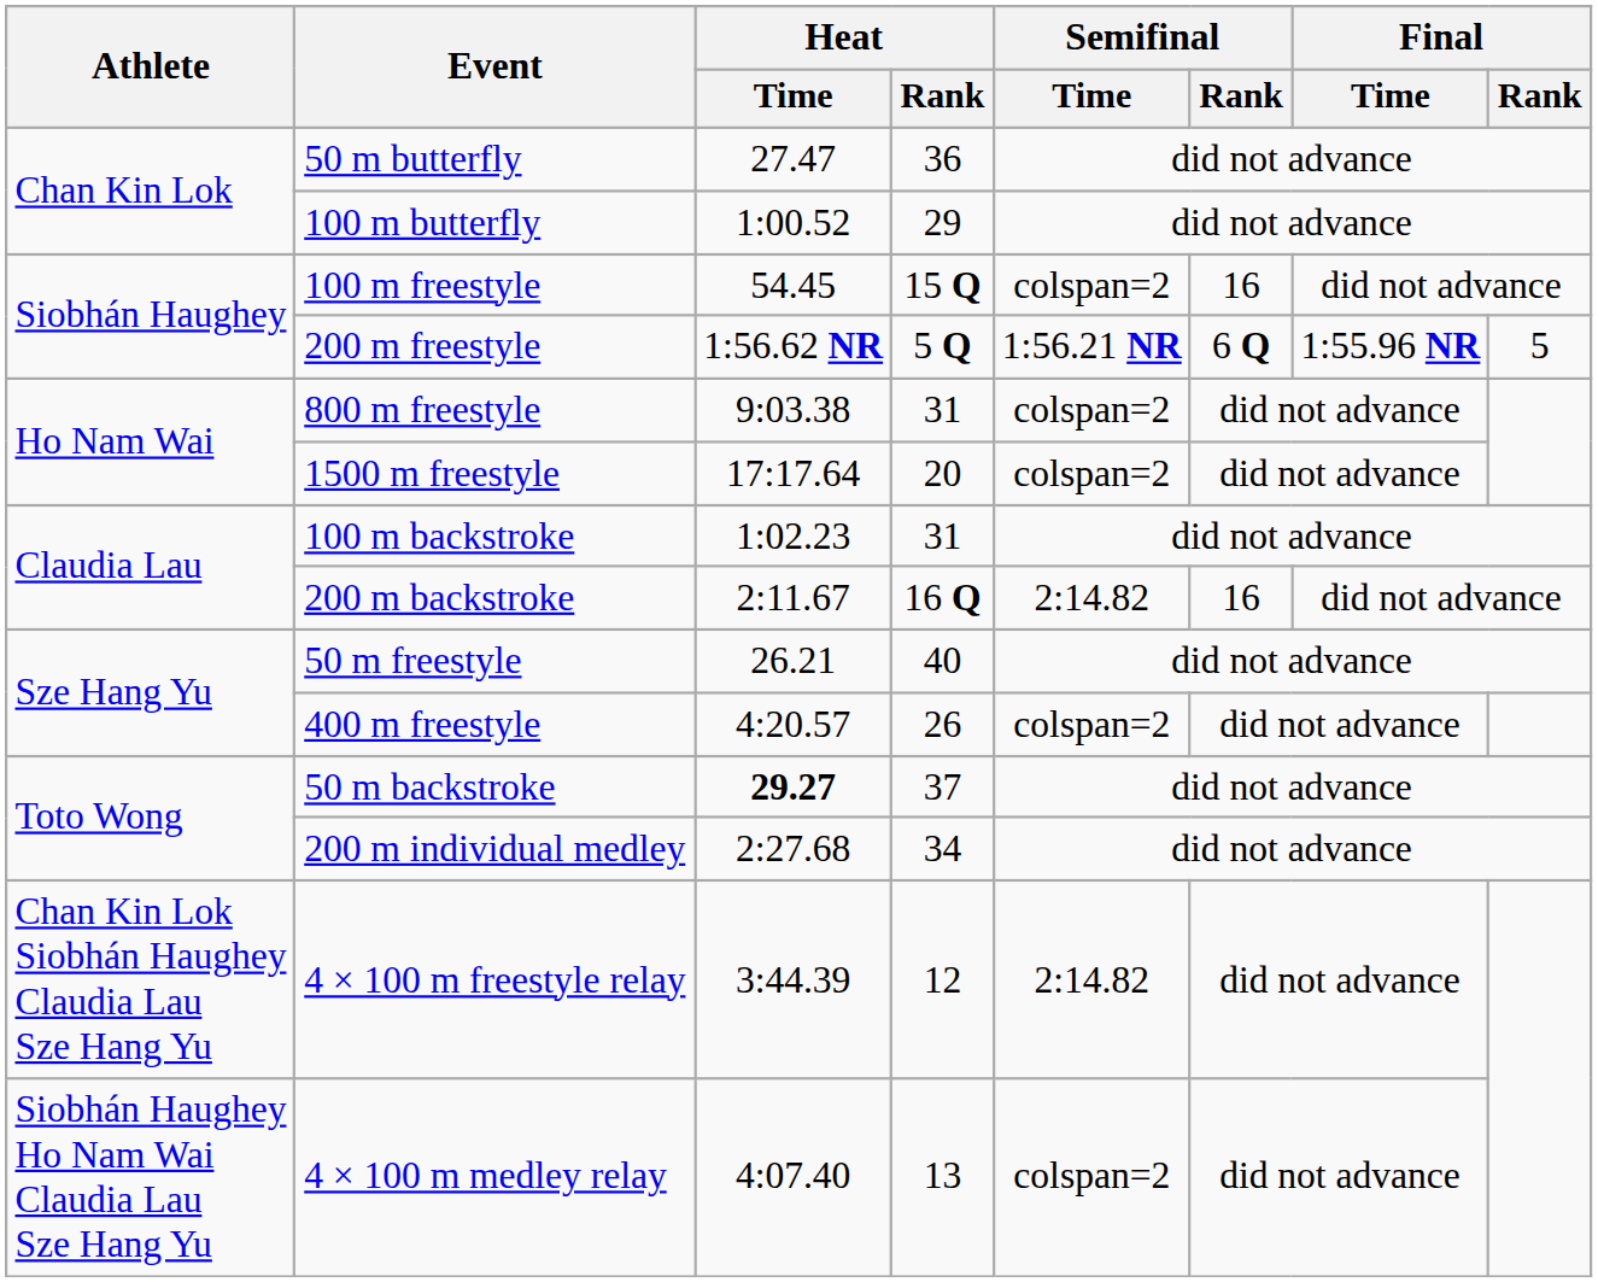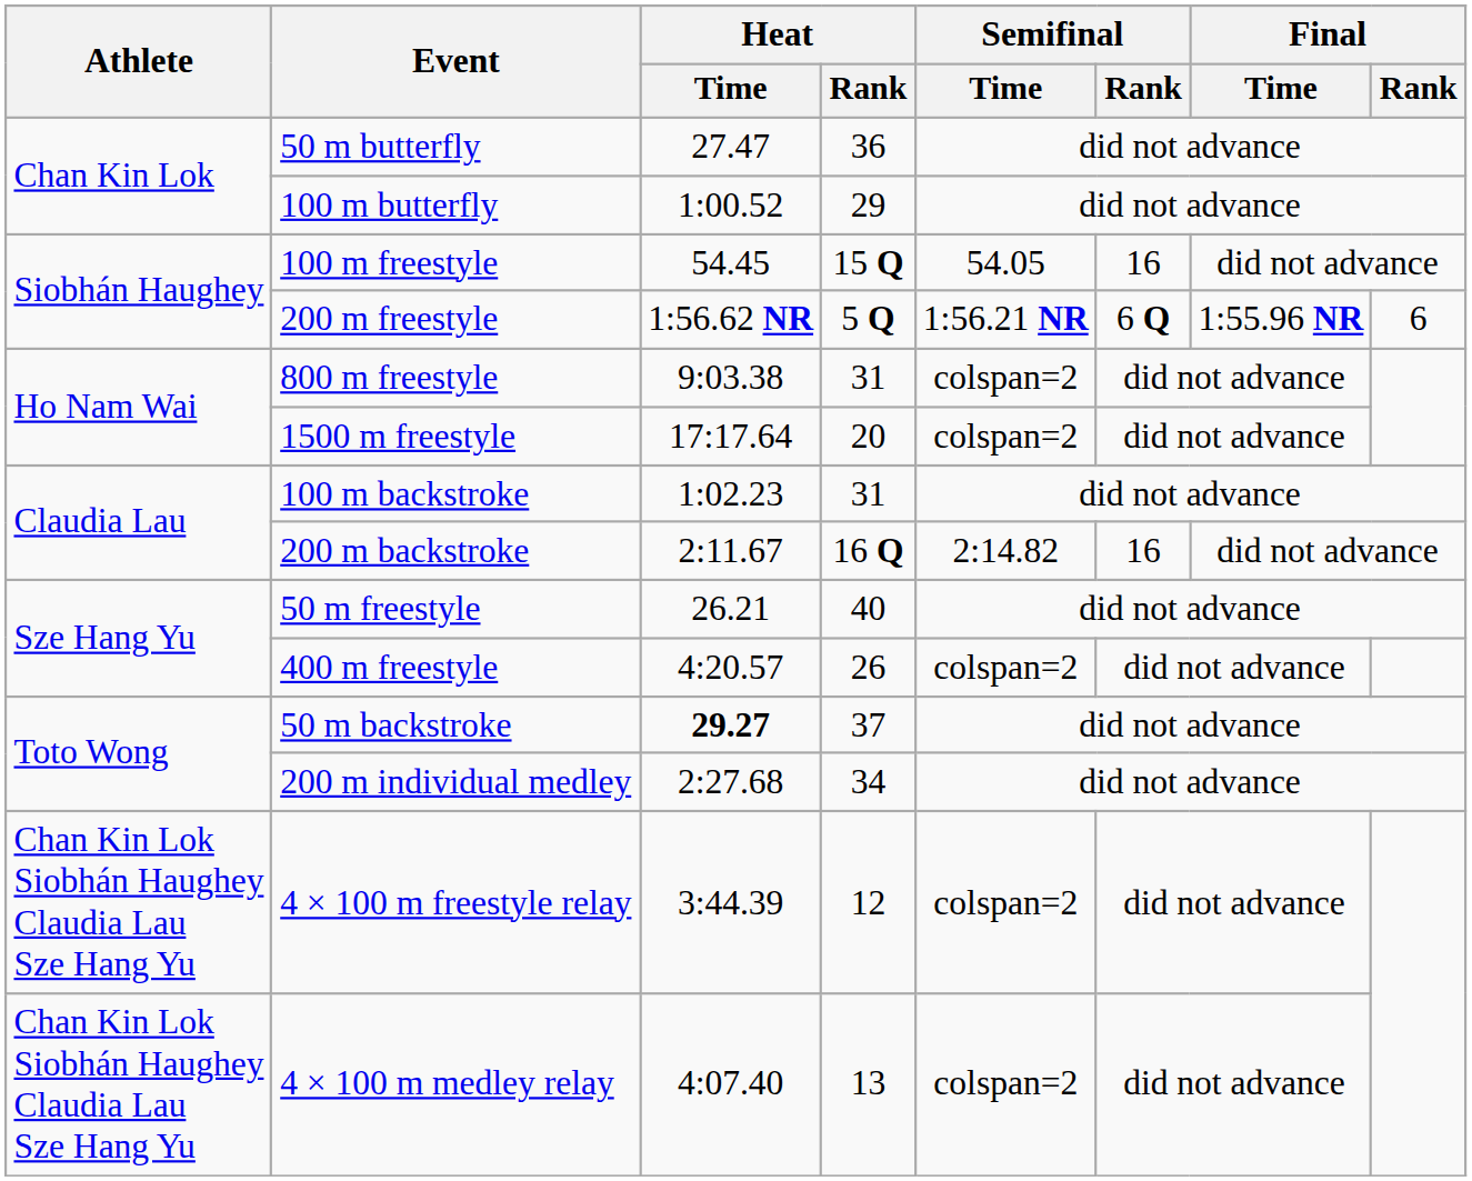 <table class=wikitable style="font-size:90%">
 <tr>
 <th rowspan="2">Athlete</th>
 <th rowspan="2">Event</th>
 <th colspan="2">Heat</th>
 <th colspan="2">Semifinal</th>
 <th colspan="2">Final</th>
 </tr>
 <tr style="font-size:95%">
 <th>Time</th>
 <th>Rank</th>
 <th>Time</th>
 <th>Rank</th>
 <th>Time</th>
 <th>Rank</th>
 </tr>
 <tr align=center>
 <td align=left rowspan=2><a href='#'>Chan Kin Lok</a></td>
 <td align=left><a href='#'>50 m butterfly</a></td>
 <td>27.47</td>
 <td>36</td>
 <td colspan=4>did not advance</td>
 </tr>
 <tr align=center>
 <td align=left><a href='#'>100 m butterfly</a></td>
 <td>1:00.52</td>
 <td>29</td>
 <td colspan=4>did not advance</td>
 </tr>
 <tr align=center>
 <td align=left rowspan=2><a href='#'>Siobhán Haughey</a></td>
 <td align=left><a href='#'>100 m freestyle</a></td>
 <td>54.45</td>
 <td>15 <strong>Q</strong></td>
-<td>colspan=2 </td>
+<td>54.05</td>
 <td>16</td>
 <td colspan=2>did not advance</td>
 </tr>
 <tr align=center>
 <td align=left><a href='#'>200 m freestyle</a></td>
 <td>1:56.62 <strong><a href='#'>NR</a></strong></td>
 <td>5 <strong>Q</strong></td>
 <td>1:56.21 <strong><a href='#'>NR</a></strong></td>
 <td>6 <strong>Q</strong></td>
 <td>1:55.96 <strong><a href='#'>NR</a></strong></td>
-<td>5</td>
+<td>6</td>
 </tr>
 <tr align=center>
 <td align=left rowspan=2><a href='#'>Ho Nam Wai</a></td>
 <td align=left><a href='#'>800 m freestyle</a></td>
 <td>9:03.38</td>
 <td>31</td>
 <td>colspan=2 </td>
 <td colspan=2>did not advance</td>
 </tr>
 <tr align=center>
 <td align=left><a href='#'>1500 m freestyle</a></td>
 <td>17:17.64</td>
 <td>20</td>
 <td>colspan=2 </td>
 <td colspan=2>did not advance</td>
 </tr>
 <tr align=center>
 <td align=left rowspan=2><a href='#'>Claudia Lau</a></td>
 <td align=left><a href='#'>100 m backstroke</a></td>
 <td>1:02.23</td>
 <td>31</td>
 <td colspan=4>did not advance</td>
 </tr>
 <tr align=center>
 <td align=left><a href='#'>200 m backstroke</a></td>
 <td>2:11.67</td>
 <td>16 <strong>Q</strong></td>
 <td>2:14.82</td>
 <td>16</td>
 <td colspan=2>did not advance</td>
 </tr>
 <tr align=center>
 <td align=left rowspan=2><a href='#'>Sze Hang Yu</a></td>
 <td align=left><a href='#'>50 m freestyle</a></td>
 <td>26.21</td>
 <td>40</td>
 <td colspan=4>did not advance</td>
 </tr>
 <tr align=center>
 <td align=left><a href='#'>400 m freestyle</a></td>
 <td>4:20.57</td>
 <td>26</td>
 <td>colspan=2 </td>
 <td colspan=2>did not advance</td>
 </tr>
 <tr align=center>
 <td align=left rowspan=2><a href='#'>Toto Wong</a></td>
 <td align=left><a href='#'>50 m backstroke</a></td>
 <td><strong>29.27</strong></td>
 <td>37</td>
 <td colspan=4>did not advance</td>
 </tr>
 <tr align=center>
 <td align=left><a href='#'>200 m individual medley</a></td>
 <td>2:27.68</td>
 <td>34</td>
 <td colspan=4>did not advance</td>
 </tr>
 <tr align=center>
 <td align=left><a href='#'>Chan Kin Lok</a><br><a href='#'>Siobhán Haughey</a><br><a href='#'>Claudia Lau</a><br><a href='#'>Sze Hang Yu</a></td>
 <td align=left><a href='#'>4 × 100 m freestyle relay</a></td>
 <td>3:44.39</td>
 <td>12</td>
-<td>2:14.82</td>
+<td>colspan=2 </td>
 <td colspan=2>did not advance</td>
 </tr>
 <tr align=center>
-<td align=left><a href='#'>Siobhán Haughey</a><br><a href='#'>Ho Nam Wai</a><br><a href='#'>Claudia Lau</a><br><a href='#'>Sze Hang Yu</a></td>
+<td align=left><a href='#'>Chan Kin Lok</a><br><a href='#'>Siobhán Haughey</a><br><a href='#'>Claudia Lau</a><br><a href='#'>Sze Hang Yu</a></td>
 <td align=left><a href='#'>4 × 100 m medley relay</a></td>
 <td>4:07.40</td>
 <td>13</td>
 <td>colspan=2 </td>
 <td colspan=2>did not advance</td>
 </tr>
 </table>
